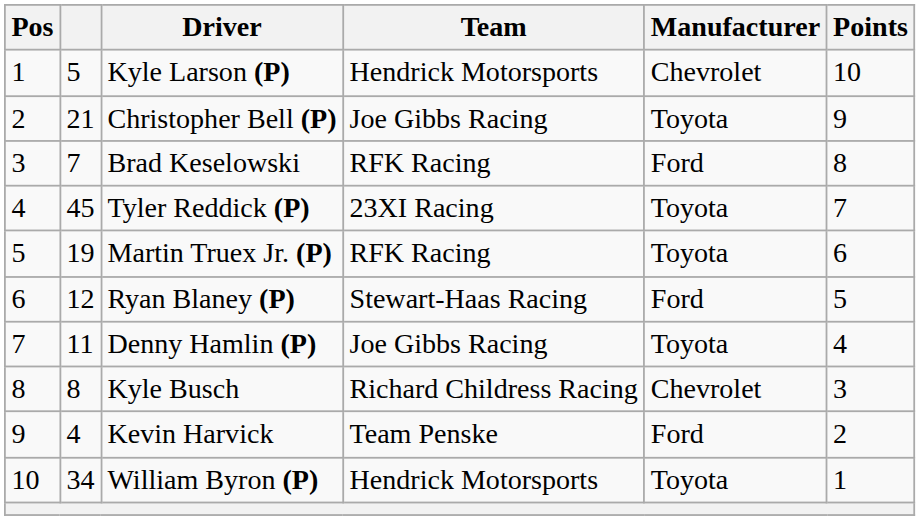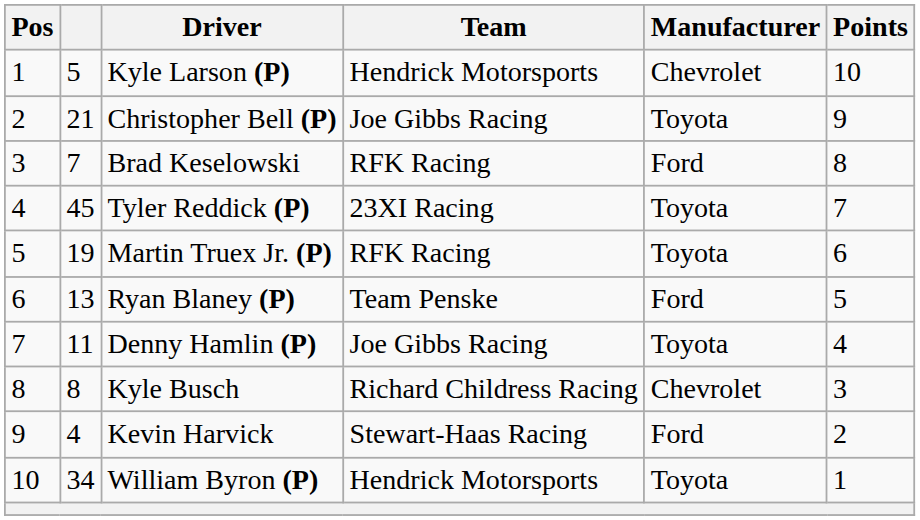 <table class="wikitable" style="font-size:98%">
 <tr>
 <th>Pos</th>
 <th></th>
 <th>Driver</th>
 <th>Team</th>
 <th>Manufacturer</th>
 <th>Points</th>
 </tr>
 <tr>
 <td>1</td>
 <td>5</td>
 <td>Kyle Larson <strong>(P)</strong></td>
 <td>Hendrick Motorsports</td>
 <td>Chevrolet</td>
 <td>10</td>
 </tr>
 <tr>
 <td>2</td>
 <td>21</td>
 <td>Christopher Bell <strong>(P)</strong></td>
 <td>Joe Gibbs Racing</td>
 <td>Toyota</td>
 <td>9</td>
 </tr>
 <tr>
 <td>3</td>
 <td>7</td>
 <td>Brad Keselowski</td>
 <td>RFK Racing</td>
 <td>Ford</td>
 <td>8</td>
 </tr>
 <tr>
 <td>4</td>
 <td>45</td>
 <td>Tyler Reddick <strong>(P)</strong></td>
 <td>23XI Racing</td>
 <td>Toyota</td>
 <td>7</td>
 </tr>
 <tr>
 <td>5</td>
 <td>19</td>
 <td>Martin Truex Jr. <strong>(P)</strong></td>
 <td>RFK Racing</td>
 <td>Toyota</td>
 <td>6</td>
 </tr>
 <tr>
 <td>6</td>
-<td>12</td>
+<td>13</td>
 <td>Ryan Blaney <strong>(P)</strong></td>
-<td>Stewart-Haas Racing</td>
+<td>Team Penske</td>
 <td>Ford</td>
 <td>5</td>
 </tr>
 <tr>
 <td>7</td>
 <td>11</td>
 <td>Denny Hamlin <strong>(P)</strong></td>
 <td>Joe Gibbs Racing</td>
 <td>Toyota</td>
 <td>4</td>
 </tr>
 <tr>
 <td>8</td>
 <td>8</td>
 <td>Kyle Busch</td>
 <td>Richard Childress Racing</td>
 <td>Chevrolet</td>
 <td>3</td>
 </tr>
 <tr>
 <td>9</td>
 <td>4</td>
 <td>Kevin Harvick</td>
-<td>Team Penske</td>
+<td>Stewart-Haas Racing</td>
 <td>Ford</td>
 <td>2</td>
 </tr>
 <tr>
 <td>10</td>
 <td>34</td>
 <td>William Byron <strong>(P)</strong></td>
 <td>Hendrick Motorsports</td>
 <td>Toyota</td>
 <td>1</td>
 </tr>
 <tr>
 <th colspan="6"></th>
 </tr>
 </table>
